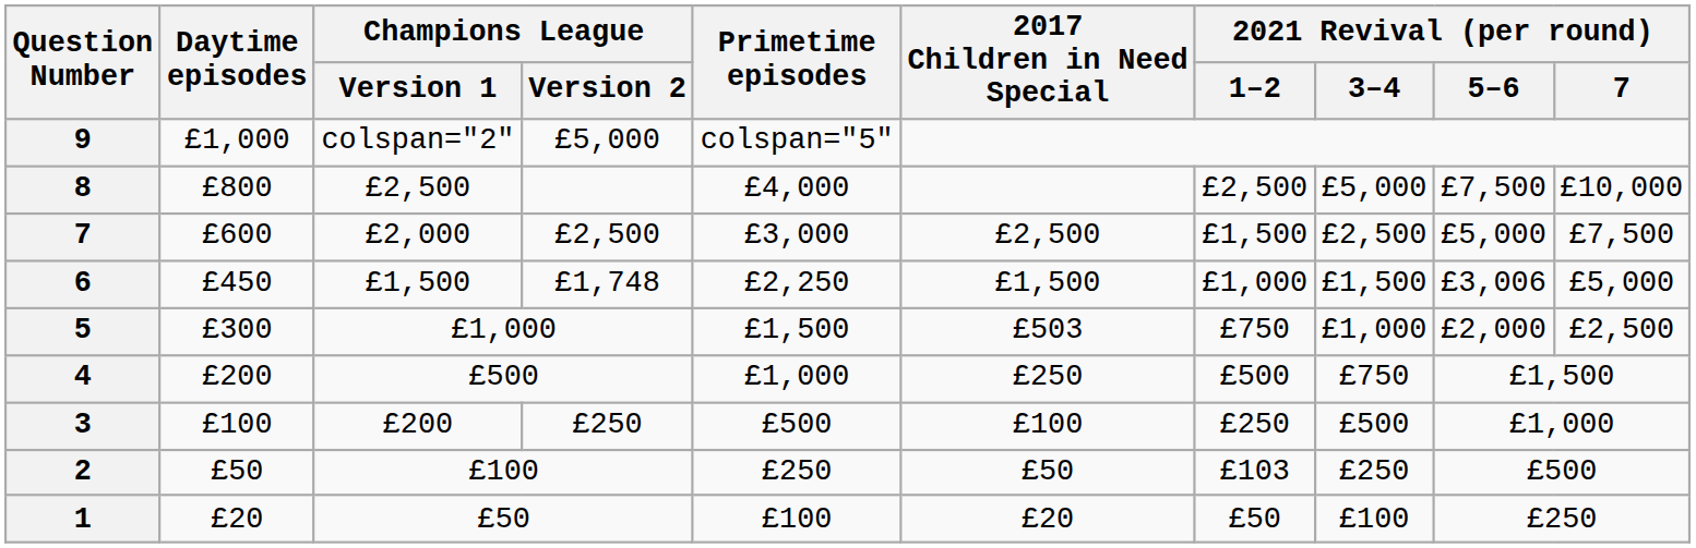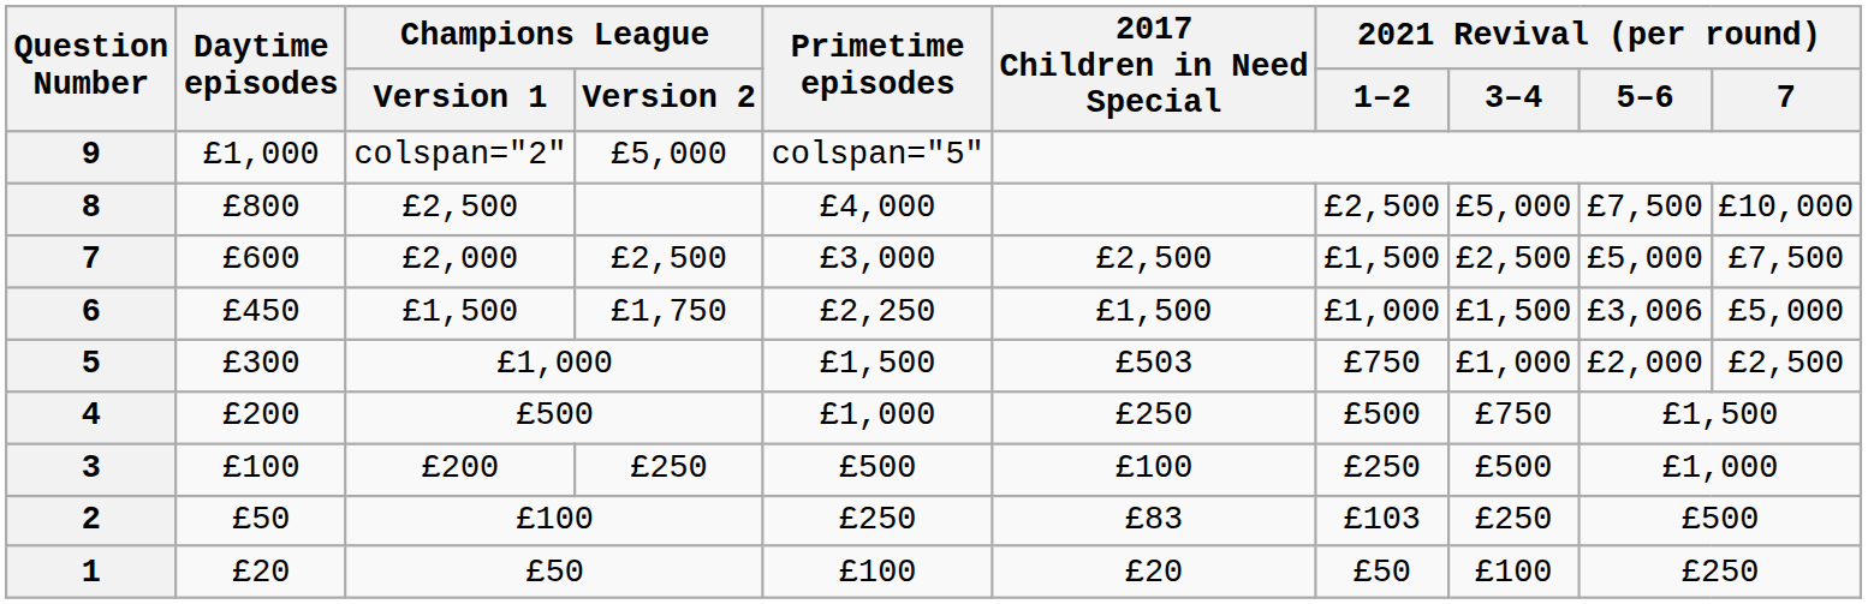 <table class="wikitable" style="text-align:center; font-size:95%">
 <tr>
 <th rowspan="2">Question<br>Number</th>
 <th rowspan="2">Daytime<br>episodes</th>
 <th colspan="2">Champions League</th>
 <th rowspan="2">Primetime<br>episodes</th>
 <th rowspan="2">2017<br>Children in Need<br>Special</th>
 <th colspan="4">2021 Revival (per round)</th>
 </tr>
 <tr>
 <th>Version 1</th>
 <th>Version 2</th>
 <th>1–2</th>
 <th>3–4</th>
 <th>5–6</th>
 <th>7</th>
 </tr>
 <tr>
 <th>9</th>
 <td>£1,000</td>
 <td>colspan="2" </td>
 <td>£5,000</td>
 <td>colspan="5" </td>
 </tr>
 <tr>
 <th>8</th>
 <td>£800</td>
 <td>£2,500</td>
 <td></td>
 <td>£4,000</td>
 <td></td>
 <td>£2,500</td>
 <td>£5,000</td>
 <td>£7,500</td>
 <td>£10,000</td>
 </tr>
 <tr>
 <th>7</th>
 <td>£600</td>
 <td>£2,000</td>
 <td>£2,500</td>
 <td>£3,000</td>
 <td>£2,500</td>
 <td>£1,500</td>
 <td>£2,500</td>
 <td>£5,000</td>
 <td>£7,500</td>
 </tr>
 <tr>
 <th>6</th>
 <td>£450</td>
 <td>£1,500</td>
-<td>£1,748</td>
+<td>£1,750</td>
 <td>£2,250</td>
 <td>£1,500</td>
 <td>£1,000</td>
 <td>£1,500</td>
 <td>£3,006</td>
 <td>£5,000</td>
 </tr>
 <tr>
 <th>5</th>
 <td>£300</td>
 <td colspan="2">£1,000</td>
 <td>£1,500</td>
 <td>£503</td>
 <td>£750</td>
 <td>£1,000</td>
 <td>£2,000</td>
 <td>£2,500</td>
 </tr>
 <tr>
 <th>4</th>
 <td>£200</td>
 <td colspan="2">£500</td>
 <td>£1,000</td>
 <td>£250</td>
 <td>£500</td>
 <td>£750</td>
 <td colspan="2">£1,500</td>
 </tr>
 <tr>
 <th>3</th>
 <td>£100</td>
 <td>£200</td>
 <td>£250</td>
 <td>£500</td>
 <td>£100</td>
 <td>£250</td>
 <td>£500</td>
 <td colspan="2">£1,000</td>
 </tr>
 <tr>
 <th>2</th>
 <td>£50</td>
 <td colspan="2">£100</td>
 <td>£250</td>
-<td>£50</td>
+<td>£83</td>
 <td>£103</td>
 <td>£250</td>
 <td colspan="2">£500</td>
 </tr>
 <tr>
 <th>1</th>
 <td>£20</td>
 <td colspan="2">£50</td>
 <td>£100</td>
 <td>£20</td>
 <td>£50</td>
 <td>£100</td>
 <td colspan="2">£250</td>
 </tr>
 </table>
